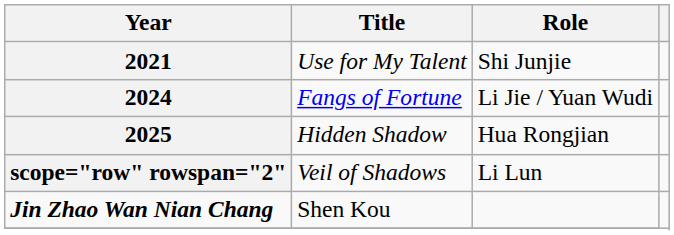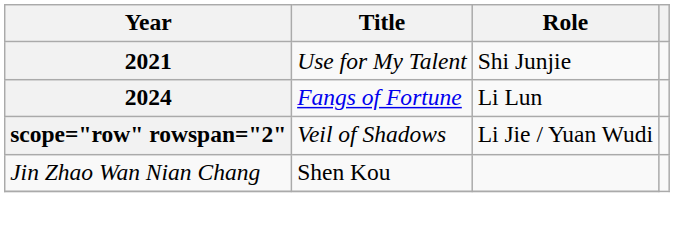 <table class="wikitable sortable plainrowheaders">
 <tr>
 <th scope="col">Year</th>
 <th scope="col">Title</th>
 <th scope="col">Role</th>
 <th scope="col" class="unsortable"></th>
 </tr>
 <tr>
 <th scope="row">2021</th>
 <td><em>Use for My Talent</em></td>
 <td>Shi Junjie</td>
 <td></td>
 </tr>
 <tr>
 <th scope="row">2024</th>
 <td><em><a href='#'>Fangs of Fortune</a></em></td>
-<td>Li Jie / Yuan Wudi</td>
-<td></td>
-</tr>
-<tr>
-<th scope="row">2025</th>
-<td><em>Hidden Shadow</em></td>
-<td>Hua Rongjian</td>
+<td>Li Lun</td>
 <td></td>
 </tr>
 <tr>
 <th>scope="row" rowspan="2" </th>
 <td><em>Veil of Shadows</em></td>
-<td>Li Lun</td>
+<td>Li Jie / Yuan Wudi</td>
 <td></td>
 </tr>
 <tr>
-<td><strong><em>Jin Zhao Wan Nian Chang</em></strong></td>
+<td><em>Jin Zhao Wan Nian Chang</em></td>
 <td>Shen Kou</td>
 <td></td>
 </tr>
 <tr>
 </tr>
 </table>
